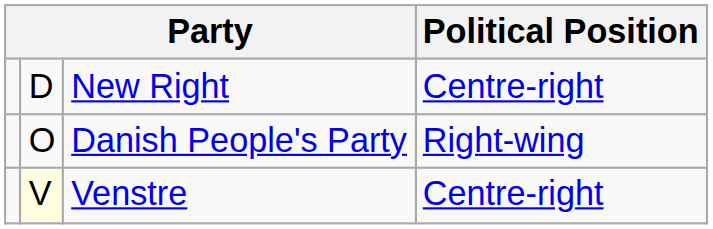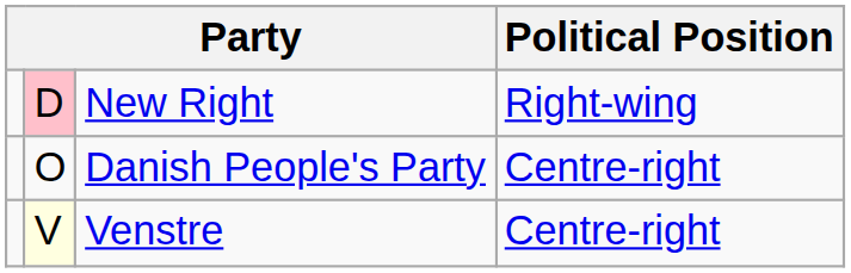 <table class="wikitable mw-collapsible mw-collapsed">
 <tr>
 <th colspan="3">Party</th>
 <th>Political Position</th>
 </tr>
 <tr>
 <td></td>
-<td>D</td>
+<td style="background: pink;">D</td>
 <td><a href='#'>New Right</a></td>
-<td><a href='#'>Centre-right</a></td>
+<td><a href='#'>Right-wing</a></td>
 </tr>
 <tr>
 <td></td>
 <td>O</td>
 <td><a href='#'>Danish People's Party</a></td>
-<td><a href='#'>Right-wing</a></td>
+<td><a href='#'>Centre-right</a></td>
 </tr>
 <tr>
 <td></td>
 <td style="background: lightyellow;">V</td>
 <td><a href='#'>Venstre</a></td>
 <td><a href='#'>Centre-right</a></td>
 </tr>
 </table>
